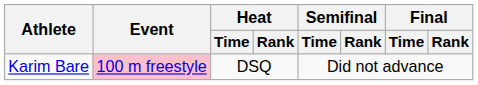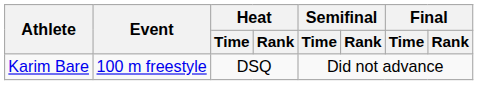 <table class=wikitable style="font-size:90%">
 <tr>
 <th rowspan="2">Athlete</th>
 <th rowspan="2">Event</th>
 <th colspan="2">Heat</th>
 <th colspan="2">Semifinal</th>
 <th colspan="2">Final</th>
 </tr>
 <tr style="font-size:95%">
 <th>Time</th>
 <th>Rank</th>
 <th>Time</th>
 <th>Rank</th>
 <th>Time</th>
 <th>Rank</th>
 </tr>
 <tr align=center>
 <td align=left><a href='#'>Karim Bare</a></td>
-<td align=left style="background: pink;"><a href='#'>100 m freestyle</a></td>
+<td align=left><a href='#'>100 m freestyle</a></td>
 <td colspan=2 align=center>DSQ</td>
 <td colspan=4 align=center>Did not advance</td>
 </tr>
 </table>
